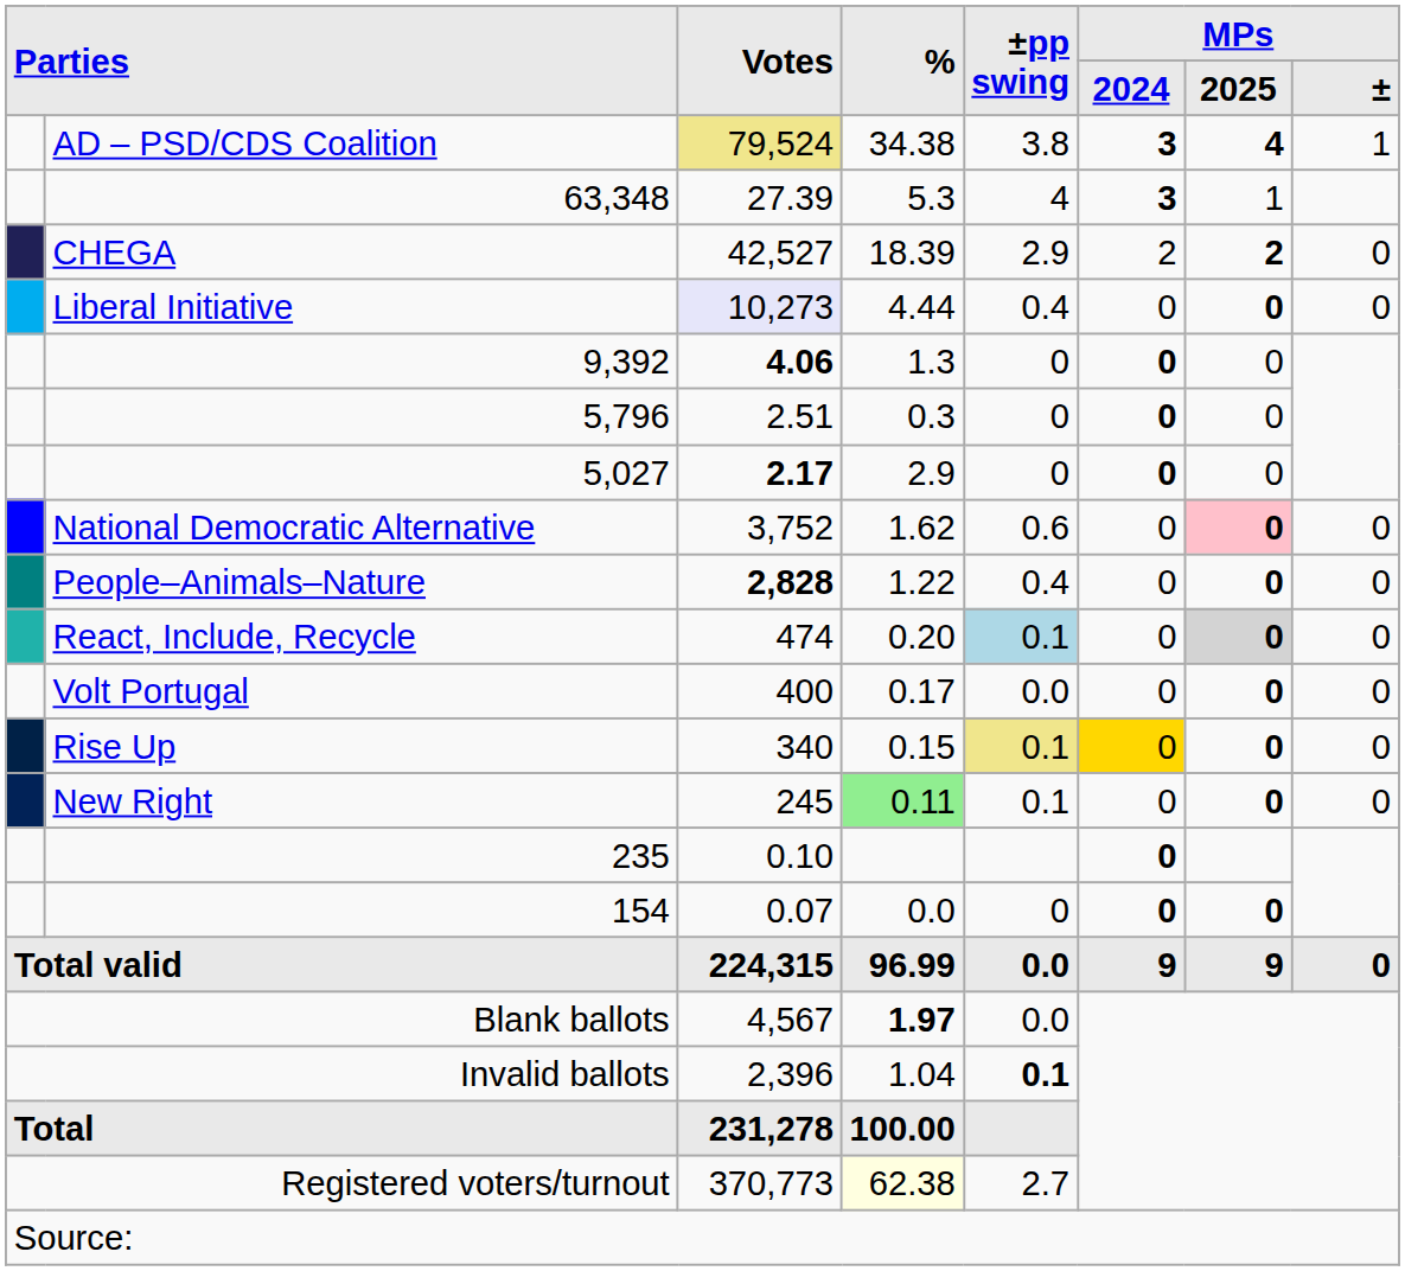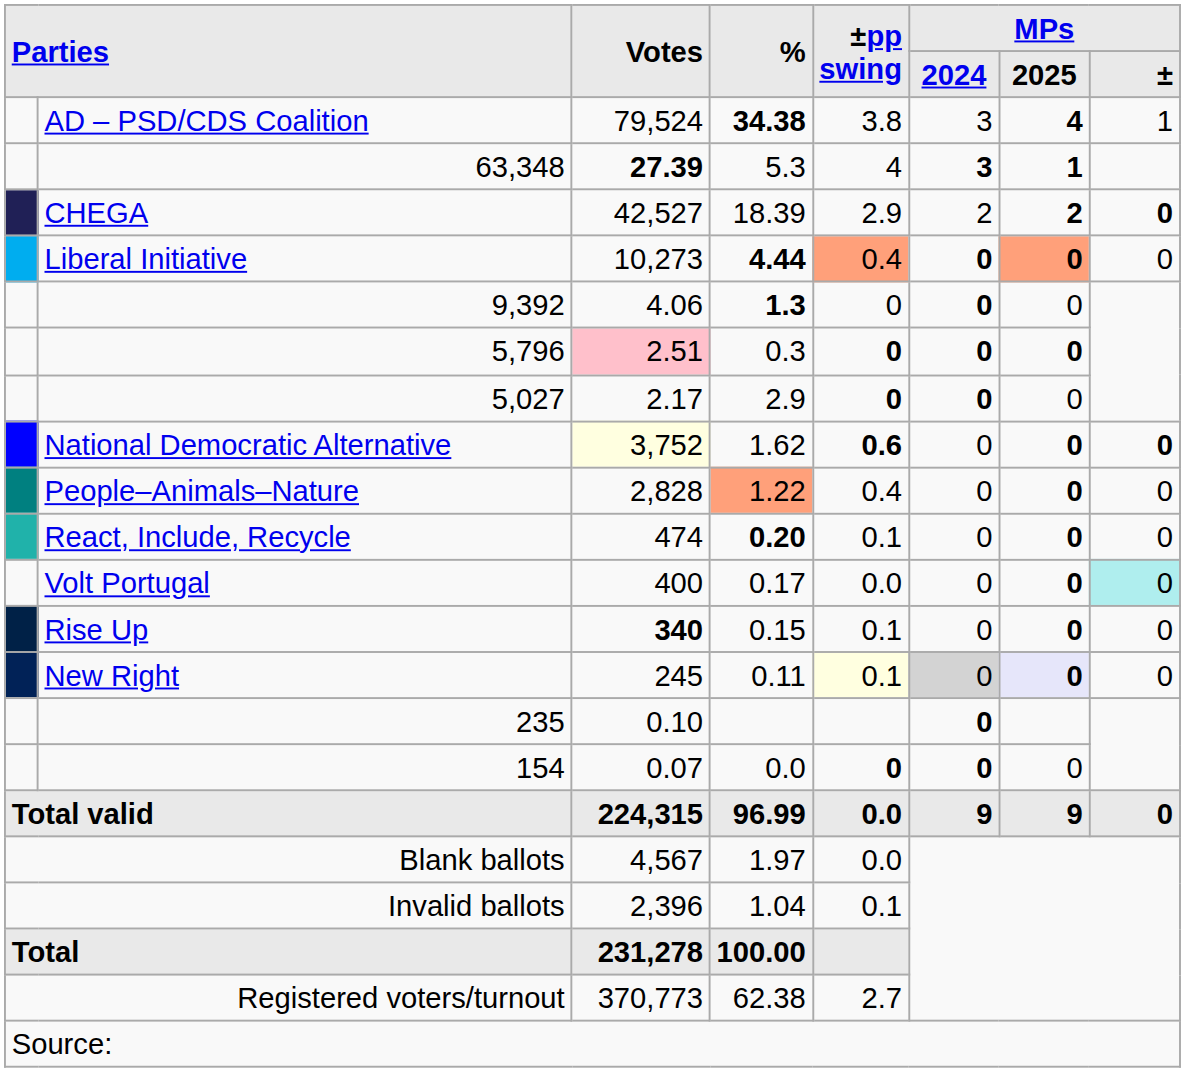 <table class="wikitable" style="text-align:right; font-size:95%;">
 <tr>
 <th rowspan="2" colspan="2" style="background:#e9e9e9; text-align:left;" alignleft><a href='#'>Parties</a></th>
 <th rowspan="2" style="background:#e9e9e9; text-align:right;">Votes</th>
 <th rowspan="2" style="background:#e9e9e9; text-align:right;">%</th>
 <th rowspan="2" style="background:#e9e9e9; text-align:right;">±<a href='#'>pp</a> <a href='#'>swing</a></th>
 <th colspan="3" style="background:#e9e9e9; text-align:center;"><a href='#'>MPs</a></th>
 </tr>
 <tr style="background-color:#E9E9E9">
 <th style="background-color:#E9E9E9;text-align:center;"><a href='#'>2024</a></th>
 <th style="background-color:#E9E9E9;text-align:center;">2025</th>
 <th style="background:#e9e9e9; text-align:right;">±</th>
 </tr>
 <tr>
 <td style="width: 10px" bgcolor=></td>
 <td align="left"><a href='#'>AD – PSD/CDS Coalition</a> </td>
-<td style="background: khaki;">79,524</td>
-<td>34.38</td>
+<td>79,524</td>
+<td><strong>34.38</strong></td>
 <td>3.8</td>
-<td><strong>3</strong></td>
+<td>3</td>
 <td><strong>4</strong></td>
 <td>1</td>
 </tr>
 <tr>
 <td></td>
 <td>63,348</td>
-<td>27.39</td>
+<td><strong>27.39</strong></td>
 <td>5.3</td>
 <td>4</td>
 <td><strong>3</strong></td>
-<td>1</td>
+<td><strong>1</strong></td>
 </tr>
 <tr>
 <td style="width: 10px" bgcolor="#202056" align="center"></td>
 <td align="left"><a href='#'>CHEGA</a></td>
 <td>42,527</td>
 <td>18.39</td>
 <td>2.9</td>
 <td>2</td>
 <td><strong>2</strong></td>
-<td>0</td>
+<td><strong>0</strong></td>
 </tr>
 <tr>
 <td style="width: 10px" bgcolor="#00ADEF" align="center"></td>
 <td align="left"><a href='#'>Liberal Initiative</a></td>
-<td style="background: lavender;">10,273</td>
-<td>4.44</td>
-<td>0.4</td>
-<td>0</td>
+<td>10,273</td>
+<td><strong>4.44</strong></td>
+<td style="background: lightsalmon;">0.4</td>
 <td><strong>0</strong></td>
+<td style="background: lightsalmon;"><strong>0</strong></td>
 <td>0</td>
 </tr>
 <tr>
 <td></td>
 <td>9,392</td>
-<td><strong>4.06</strong></td>
-<td>1.3</td>
+<td>4.06</td>
+<td><strong>1.3</strong></td>
 <td>0</td>
 <td><strong>0</strong></td>
 <td>0</td>
 </tr>
 <tr>
 <td></td>
 <td>5,796</td>
-<td>2.51</td>
+<td style="background: pink;">2.51</td>
 <td>0.3</td>
-<td>0</td>
 <td><strong>0</strong></td>
-<td>0</td>
+<td><strong>0</strong></td>
+<td><strong>0</strong></td>
 </tr>
 <tr>
 <td></td>
 <td>5,027</td>
-<td><strong>2.17</strong></td>
+<td>2.17</td>
 <td>2.9</td>
-<td>0</td>
+<td><strong>0</strong></td>
 <td><strong>0</strong></td>
 <td>0</td>
 </tr>
 <tr>
 <td style="width: 10px" bgcolor="blue" align="center"></td>
 <td align="left"><a href='#'>National Democratic Alternative</a></td>
-<td>3,752</td>
+<td style="background: lightyellow;">3,752</td>
 <td>1.62</td>
-<td>0.6</td>
+<td><strong>0.6</strong></td>
 <td>0</td>
-<td style="background: pink;"><strong>0</strong></td>
-<td>0</td>
+<td><strong>0</strong></td>
+<td><strong>0</strong></td>
 </tr>
 <tr>
 <td style="width: 10px" bgcolor="teal" align="center"></td>
 <td align="left"><a href='#'>People–Animals–Nature</a></td>
-<td><strong>2,828</strong></td>
-<td>1.22</td>
+<td>2,828</td>
+<td style="background: lightsalmon;">1.22</td>
 <td>0.4</td>
 <td>0</td>
 <td><strong>0</strong></td>
 <td>0</td>
 </tr>
 <tr>
 <td style="width: 10px" bgcolor="LightSeaGreen" align="center"></td>
 <td align="left"><a href='#'>React, Include, Recycle</a></td>
 <td>474</td>
-<td>0.20</td>
-<td style="background: lightblue;">0.1</td>
+<td><strong>0.20</strong></td>
+<td>0.1</td>
 <td>0</td>
-<td style="background: lightgrey;"><strong>0</strong></td>
+<td><strong>0</strong></td>
 <td>0</td>
 </tr>
 <tr>
 <td style="width: 10px"></td>
 <td align="left"><a href='#'>Volt Portugal</a></td>
 <td>400</td>
 <td>0.17</td>
 <td>0.0</td>
 <td>0</td>
 <td><strong>0</strong></td>
-<td>0</td>
+<td style="background: paleturquoise;">0</td>
 </tr>
 <tr>
 <td style="width: 10px" bgcolor="#002147" align="center"></td>
 <td align="left"><a href='#'>Rise Up</a></td>
-<td>340</td>
+<td><strong>340</strong></td>
 <td>0.15</td>
-<td style="background: khaki;">0.1</td>
-<td style="background: gold;">0</td>
+<td>0.1</td>
+<td>0</td>
 <td><strong>0</strong></td>
 <td>0</td>
 </tr>
 <tr>
 <td style="width: 10px" bgcolor="#012257" align="center"></td>
 <td align="left"><a href='#'>New Right</a></td>
 <td>245</td>
-<td style="background: lightgreen;">0.11</td>
-<td>0.1</td>
-<td>0</td>
-<td><strong>0</strong></td>
+<td>0.11</td>
+<td style="background: lightyellow;">0.1</td>
+<td style="background: lightgrey;">0</td>
+<td style="background: lavender;"><strong>0</strong></td>
 <td>0</td>
 </tr>
 <tr>
 <td></td>
 <td>235</td>
 <td>0.10</td>
 <td></td>
 <td></td>
 <td><strong>0</strong></td>
 <td></td>
 </tr>
 <tr>
 <td></td>
 <td>154</td>
 <td>0.07</td>
 <td>0.0</td>
-<td>0</td>
 <td><strong>0</strong></td>
 <td><strong>0</strong></td>
+<td>0</td>
 </tr>
 <tr>
 <td colspan=2 width="288" align=left style="background-color:#E9E9E9"><strong>Total valid</strong></td>
 <td width="65" align="right" style="background-color:#E9E9E9"><strong>224,315</strong></td>
 <td width="40" align="right" style="background-color:#E9E9E9"><strong>96.99</strong></td>
 <td width="40" align="right" style="background-color:#E9E9E9"><strong>0.0</strong></td>
 <td width="40" align="right" style="background-color:#E9E9E9"><strong>9</strong></td>
 <td width="40" align="right" style="background-color:#E9E9E9"><strong>9</strong></td>
 <td width="40" align="right" style="background-color:#E9E9E9"><strong>0</strong></td>
 </tr>
 <tr>
 <td colspan=2>Blank ballots</td>
 <td>4,567</td>
-<td><strong>1.97</strong></td>
+<td>1.97</td>
 <td>0.0</td>
 <td colspan=3 rowspan=4></td>
 </tr>
 <tr>
 <td colspan=2>Invalid ballots</td>
 <td>2,396</td>
 <td>1.04</td>
-<td><strong>0.1</strong></td>
+<td>0.1</td>
 </tr>
 <tr>
 <td colspan=2 align=left style="background-color:#E9E9E9"><strong>Total</strong></td>
 <td width="50" align="right" style="background-color:#E9E9E9"><strong>231,278</strong></td>
 <td width="40" align="right" style="background-color:#E9E9E9"><strong>100.00</strong></td>
 <td width="40" align="right" style="background-color:#E9E9E9"></td>
 </tr>
 <tr>
 <td colspan=2>Registered voters/turnout</td>
 <td>370,773</td>
-<td style="background: lightyellow;">62.38</td>
+<td>62.38</td>
 <td>2.7</td>
 </tr>
 <tr>
 <td colspan=8 align=left>Source: </td>
 </tr>
 </table>
